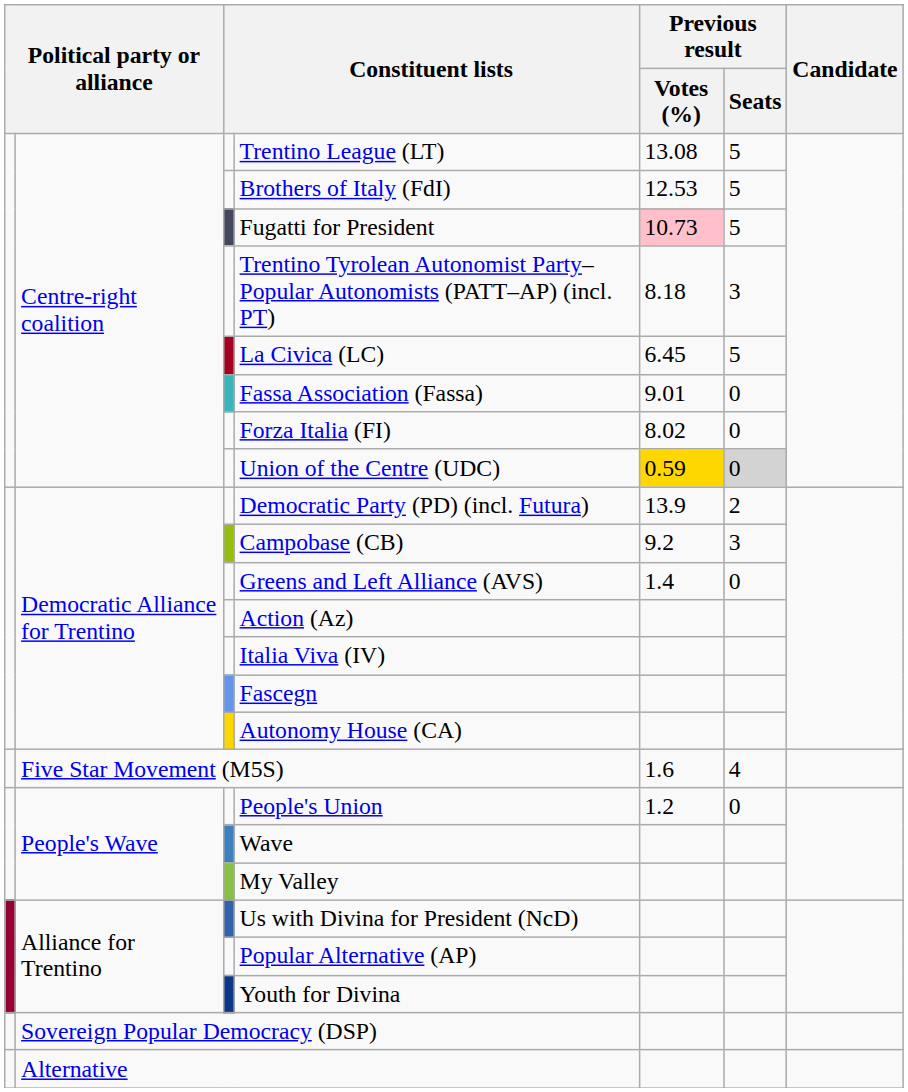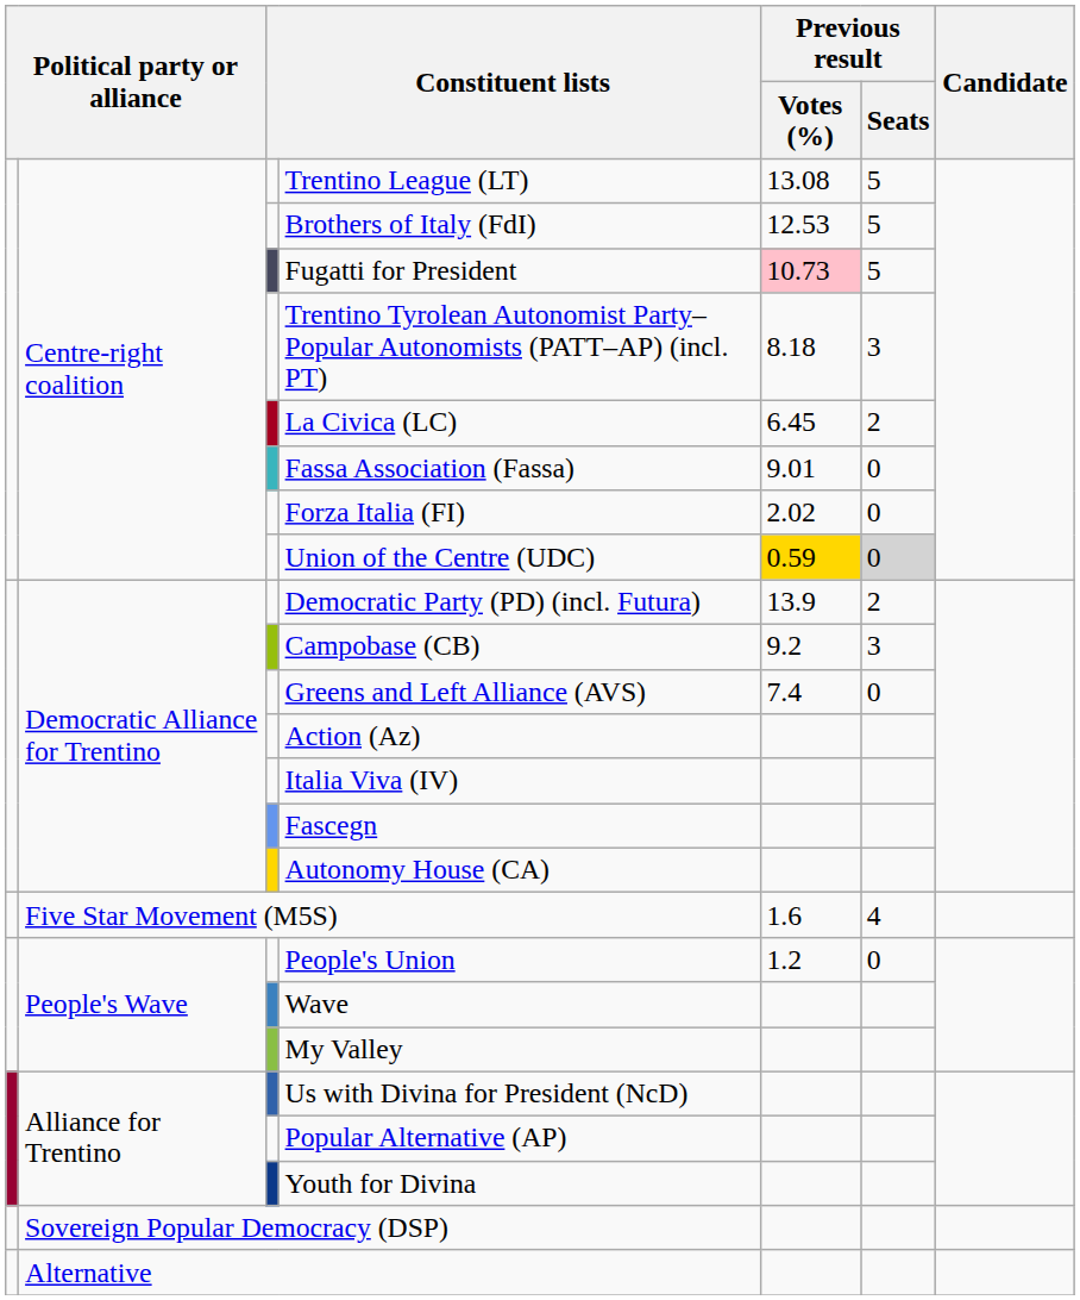 <table class="wikitable" style="text-align:left">
 <tr>
 <th colspan=2 rowspan="2">Political party or alliance</th>
 <th colspan=2 rowspan="2">Constituent lists</th>
 <th colspan="2">Previous result</th>
 <th rowspan="2">Candidate</th>
 </tr>
 <tr>
 <th>Votes (%)</th>
 <th>Seats</th>
 </tr>
 <tr>
 <td rowspan="8" style="background:"></td>
 <td rowspan=8><a href='#'>Centre-right coalition</a></td>
 <td></td>
 <td style="text-align:left;"><a href='#'>Trentino League</a> (LT)</td>
 <td>13.08</td>
 <td>5</td>
 <td rowspan="8"></td>
 </tr>
 <tr>
 <td></td>
 <td style="text-align:left;"><a href='#'>Brothers of Italy</a> (FdI)</td>
 <td>12.53</td>
 <td>5</td>
 </tr>
 <tr>
 <td bgcolor="#45475d"></td>
 <td style="text-align:left;">Fugatti for President</td>
 <td style="background: pink;">10.73</td>
 <td>5</td>
 </tr>
 <tr>
 <td style="background-color:"></td>
 <td><a href='#'>Trentino Tyrolean Autonomist Party</a>–<a href='#'>Popular Autonomists</a> (PATT–AP) (incl. <a href='#'>PT</a>)</td>
 <td>8.18</td>
 <td>3</td>
 </tr>
 <tr>
 <td bgcolor="#A50021"></td>
 <td style="text-align:left;"><a href='#'>La Civica</a> (LC)</td>
 <td>6.45</td>
-<td>5</td>
+<td>2</td>
 </tr>
 <tr>
 <td bgcolor="#39B5BD"></td>
 <td style="text-align:left;"><a href='#'>Fassa Association</a> (Fassa)</td>
 <td>9.01</td>
 <td>0</td>
 </tr>
 <tr>
 <td></td>
 <td style="text-align:left;"><a href='#'>Forza Italia</a> (FI)</td>
-<td>8.02</td>
+<td>2.02</td>
 <td>0</td>
 </tr>
 <tr>
 <td></td>
 <td style="text-align:left;"><a href='#'>Union of the Centre</a> (UDC)</td>
 <td style="background: gold;">0.59</td>
 <td style="background: lightgrey;">0</td>
 </tr>
 <tr>
 <td rowspan="7"></td>
 <td rowspan=7><a href='#'>Democratic Alliance for Trentino</a></td>
 <td></td>
 <td style="text-align:left;"><a href='#'>Democratic Party</a> (PD) (incl. <a href='#'>Futura</a>)</td>
 <td>13.9</td>
 <td>2</td>
 <td rowspan="7"></td>
 </tr>
 <tr>
 <td style="background-color:#96bf0d"></td>
 <td><a href='#'>Campobase</a> (CB)</td>
 <td>9.2</td>
 <td>3</td>
 </tr>
 <tr>
 <td style="background-color:"></td>
 <td><a href='#'>Greens and Left Alliance</a> (AVS)</td>
-<td>1.4</td>
+<td>7.4</td>
 <td>0</td>
 </tr>
 <tr>
 <td style="background-color:"></td>
 <td><a href='#'>Action</a> (Az)</td>
 <td></td>
 <td></td>
 </tr>
 <tr>
 <td style="background-color:"></td>
 <td><a href='#'>Italia Viva</a> (IV)</td>
 <td></td>
 <td></td>
 </tr>
 <tr>
 <td style="background-color:#6495ED"></td>
 <td><a href='#'>Fascegn</a></td>
 <td></td>
 <td></td>
 </tr>
 <tr>
 <td style="background-color:gold"></td>
 <td><a href='#'>Autonomy House</a> (CA)</td>
 <td></td>
 <td></td>
 </tr>
 <tr>
 <td style="background-color:"></td>
 <td colspan="3"><a href='#'>Five Star Movement</a> (M5S)</td>
 <td>1.6</td>
 <td>4</td>
 <td></td>
 </tr>
 <tr>
 <td rowspan="3"></td>
 <td rowspan="3"><a href='#'>People's Wave</a></td>
 <td></td>
 <td><a href='#'>People's Union</a></td>
 <td>1.2</td>
 <td>0</td>
 <td rowspan="3"></td>
 </tr>
 <tr>
 <td bgcolor=#3b81bf></td>
 <td>Wave</td>
 <td></td>
 <td></td>
 </tr>
 <tr>
 <td bgcolor=#89bf44></td>
 <td>My Valley</td>
 <td></td>
 <td></td>
 </tr>
 <tr>
 <td rowspan="3" bgcolor="#970033"></td>
 <td rowspan="3">Alliance for Trentino</td>
 <td bgcolor="#3061aa"></td>
 <td>Us with Divina for President (NcD)</td>
 <td></td>
 <td></td>
 <td rowspan="3"></td>
 </tr>
 <tr>
 <td style="background-color:"></td>
 <td><a href='#'>Popular Alternative</a> (AP)</td>
 <td></td>
 <td></td>
 </tr>
 <tr>
 <td style="background-color:#0c3889"></td>
 <td>Youth for Divina</td>
 <td></td>
 <td></td>
 </tr>
 <tr>
 <td></td>
 <td colspan="3"><a href='#'>Sovereign Popular Democracy</a> (DSP)</td>
 <td></td>
 <td></td>
 <td></td>
 </tr>
 <tr>
 <td></td>
 <td colspan="3"><a href='#'>Alternative</a></td>
 <td></td>
 <td></td>
 <td></td>
 </tr>
 </table>
